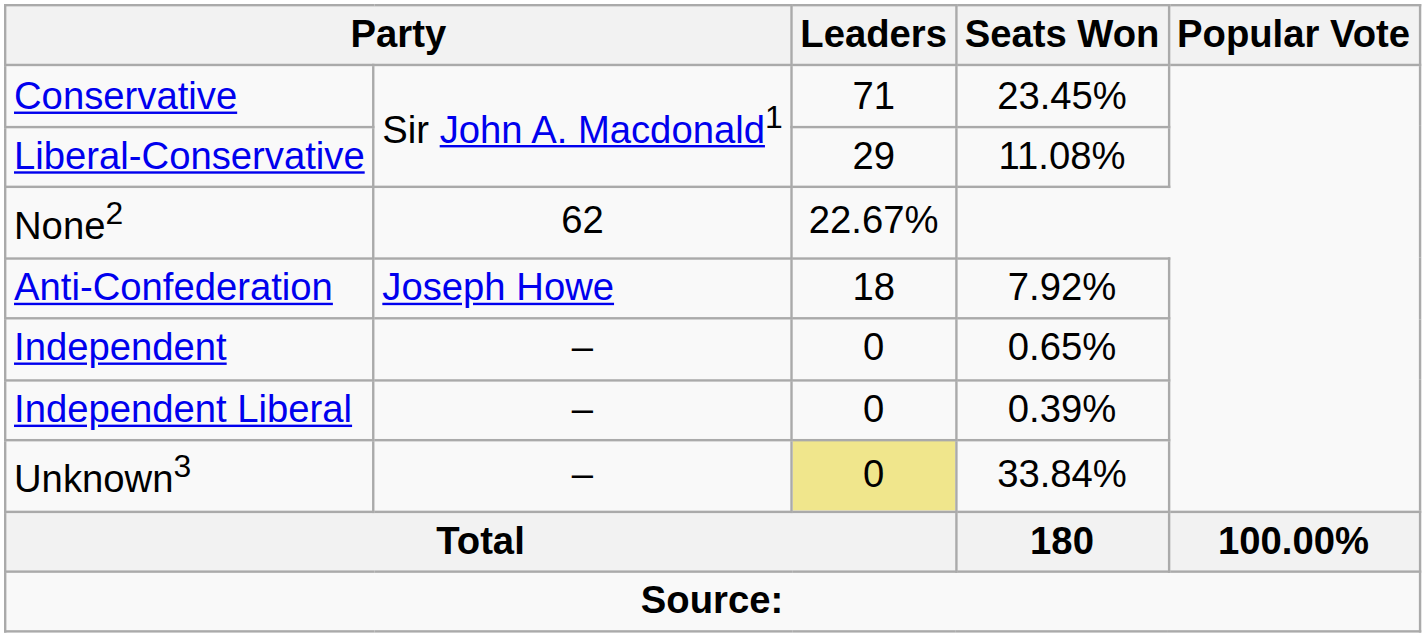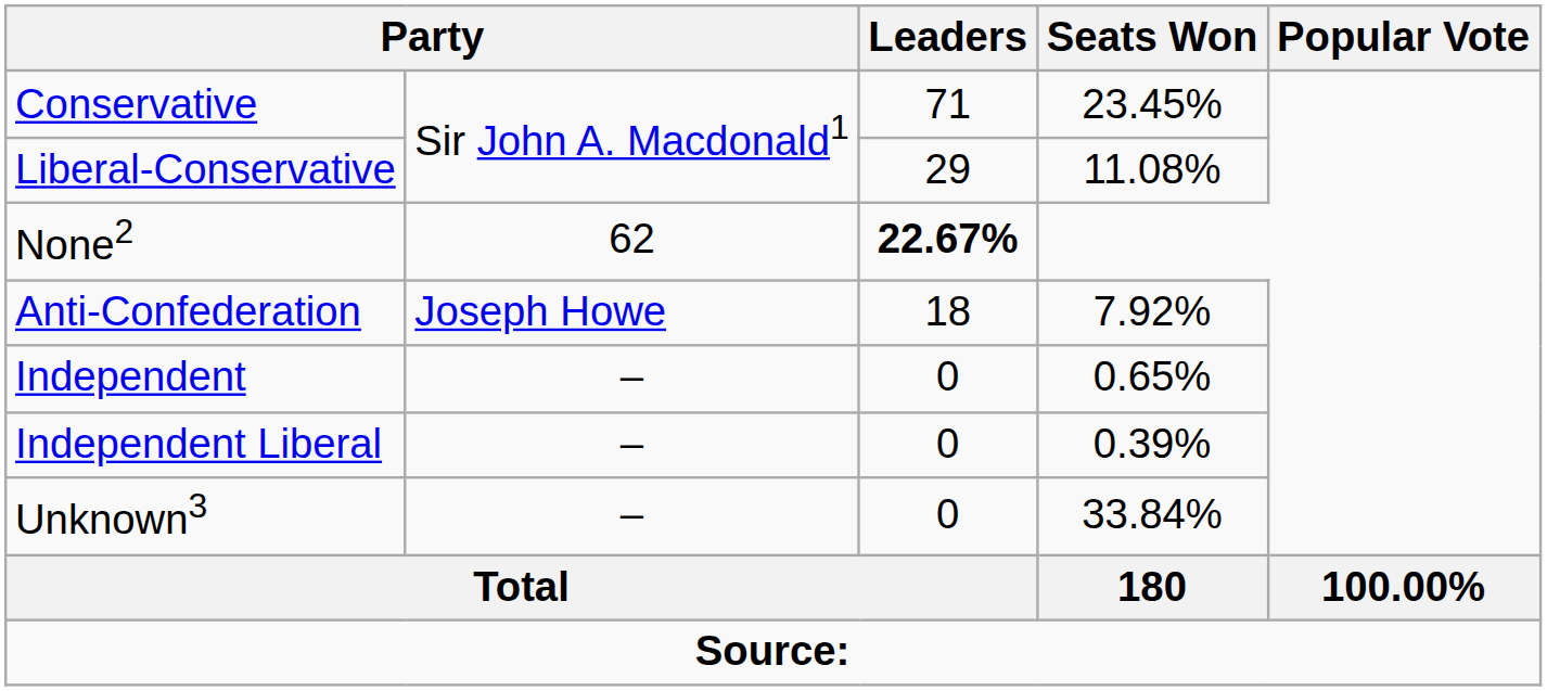 <table class="wikitable">
 <tr>
 <th colspan="2">Party</th>
 <th>Leaders</th>
 <th>Seats Won</th>
 <th>Popular Vote</th>
 </tr>
 <tr>
 <td><a href='#'>Conservative</a></td>
 <td rowspan=2>Sir <a href='#'>John A. Macdonald</a><sup>1</sup></td>
 <td align=center>71</td>
 <td align=center>23.45%</td>
 </tr>
 <tr>
 <td><a href='#'>Liberal-Conservative</a></td>
 <td align=center>29</td>
 <td align=center>11.08%</td>
 </tr>
 <tr>
 <td>None<sup>2</sup></td>
 <td align=center>62</td>
-<td align=center>22.67%</td>
+<td align=center><strong>22.67%</strong></td>
 </tr>
 <tr>
 <td><a href='#'>Anti-Confederation</a></td>
 <td><a href='#'>Joseph Howe</a></td>
 <td align=center>18</td>
 <td align=center>7.92%</td>
 </tr>
 <tr>
 <td><a href='#'>Independent</a></td>
 <td align=center>–</td>
 <td align=center>0</td>
 <td align=center>0.65%</td>
 </tr>
 <tr>
 <td><a href='#'>Independent Liberal</a></td>
 <td align=center>–</td>
 <td align=center>0</td>
 <td align=center>0.39%</td>
 </tr>
 <tr>
 <td>Unknown<sup>3</sup></td>
 <td align=center>–</td>
-<td align=center style="background: khaki;">0</td>
+<td align=center>0</td>
 <td align=center>33.84%</td>
 </tr>
 <tr>
 <th colspan=3 align=left>Total</th>
 <th align=right>180</th>
 <th align=right>100.00%</th>
 </tr>
 <tr>
 <td align="center" colspan=5><strong>Source:</strong>  </td>
 </tr>
 </table>
